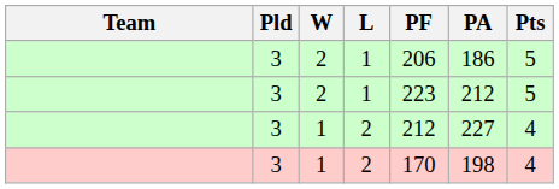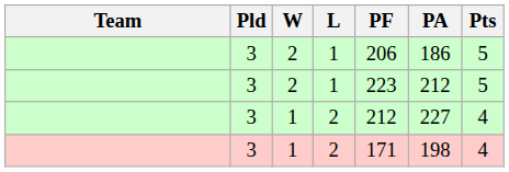 <table class="wikitable" style="text-align:center;">
 <tr>
 <th width=170>Team</th>
 <th width=25>Pld</th>
 <th width=25>W</th>
 <th width=25>L</th>
 <th width=35>PF</th>
 <th width=35>PA</th>
 <th width=25>Pts</th>
 </tr>
 <tr bgcolor=#ccffcc>
 <td align="left"></td>
 <td>3</td>
 <td>2</td>
 <td>1</td>
 <td>206</td>
 <td>186</td>
 <td>5</td>
 </tr>
 <tr bgcolor=#ccffcc>
 <td align="left"></td>
 <td>3</td>
 <td>2</td>
 <td>1</td>
 <td>223</td>
 <td>212</td>
 <td>5</td>
 </tr>
 <tr bgcolor=#ccffcc>
 <td align="left"></td>
 <td>3</td>
 <td>1</td>
 <td>2</td>
 <td>212</td>
 <td>227</td>
 <td>4</td>
 </tr>
 <tr bgcolor=#ffcccc>
 <td align="left"></td>
 <td>3</td>
 <td>1</td>
 <td>2</td>
-<td>170</td>
+<td>171</td>
 <td>198</td>
 <td>4</td>
 </tr>
 </table>
